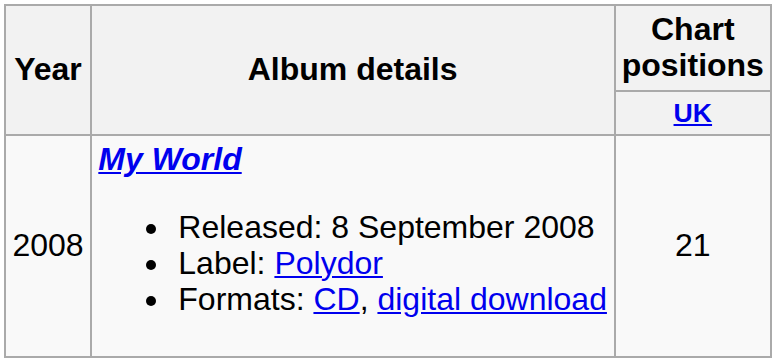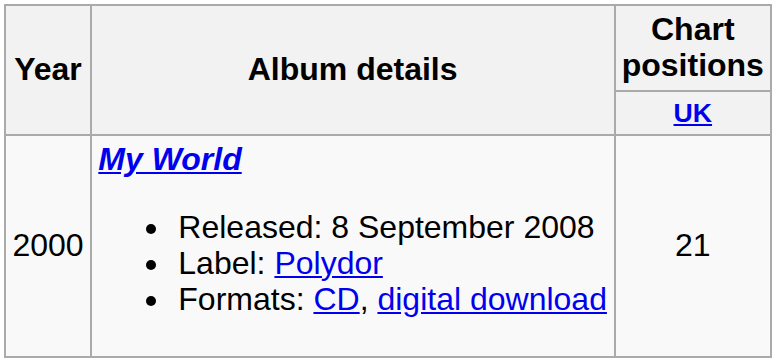 <table class="wikitable" style="text-align:center;">
 <tr>
 <th rowspan="2">Year</th>
 <th rowspan="2">Album details</th>
 <th>Chart positions</th>
 </tr>
 <tr style="font-size:smaller;">
 <th style="width:65px;"><a href='#'>UK</a></th>
 </tr>
 <tr>
-<td>2008</td>
+<td>2000</td>
 <td style="text-align:left;"><strong><em><a href='#'>My World</a></em></strong><br><ul><li>Released: 8 September 2008</li><li>Label: <a href='#'>Polydor</a></li><li>Formats: <a href='#'>CD</a>, <a href='#'>digital download</a></li></ul></td>
 <td>21</td>
 </tr>
 </table>
